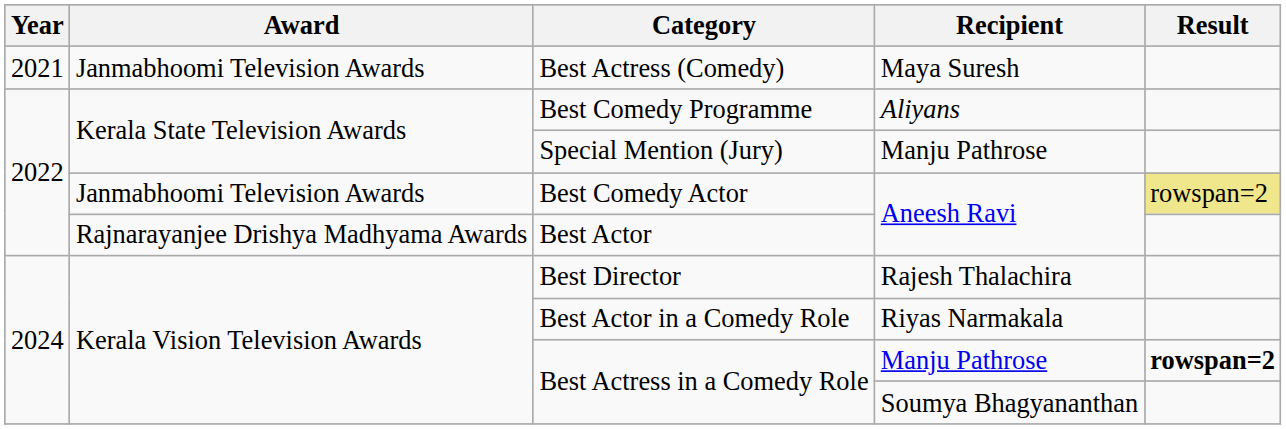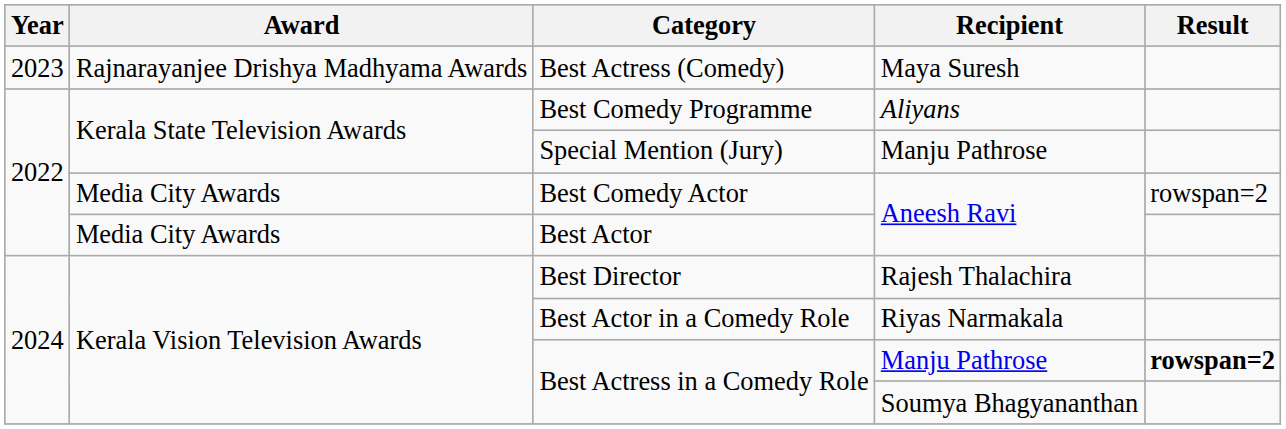 <table class="wikitable plainrowheaders">
 <tr>
 <th scope="col">Year</th>
 <th scope="col">Award</th>
 <th scope="col">Category</th>
 <th scope="col">Recipient</th>
 <th scope="col">Result</th>
 </tr>
 <tr>
-<td>2021</td>
-<td>Janmabhoomi Television Awards</td>
+<td>2023</td>
+<td>Rajnarayanjee Drishya Madhyama Awards</td>
 <td>Best Actress (Comedy)</td>
 <td>Maya Suresh</td>
 <td></td>
 </tr>
 <tr>
 <td rowspan=4>2022</td>
 <td rowspan=2>Kerala State Television Awards</td>
 <td>Best Comedy Programme</td>
 <td><em>Aliyans</em></td>
 <td></td>
 </tr>
 <tr>
 <td>Special Mention (Jury)</td>
 <td>Manju Pathrose</td>
 <td></td>
 </tr>
 <tr>
-<td>Janmabhoomi Television Awards</td>
+<td>Media City Awards</td>
 <td>Best Comedy Actor</td>
 <td rowspan=2><a href='#'>Aneesh Ravi</a></td>
-<td style="background: khaki;">rowspan=2 </td>
+<td>rowspan=2 </td>
 </tr>
 <tr>
-<td>Rajnarayanjee Drishya Madhyama Awards</td>
+<td>Media City Awards</td>
 <td>Best Actor</td>
 </tr>
 <tr>
 <td rowspan=4>2024</td>
 <td rowspan=4>Kerala Vision Television Awards</td>
 <td>Best Director</td>
 <td>Rajesh Thalachira</td>
 <td></td>
 </tr>
 <tr>
 <td>Best Actor in a Comedy Role</td>
 <td>Riyas Narmakala</td>
 <td></td>
 </tr>
 <tr>
 <td rowspan=2>Best Actress in a Comedy Role</td>
 <td><a href='#'>Manju Pathrose</a></td>
 <td><strong>rowspan=2 </strong></td>
 </tr>
 <tr>
 <td>Soumya Bhagyananthan</td>
 </tr>
 </table>
